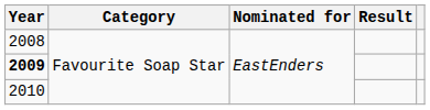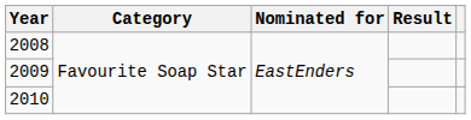 <table class="wikitable plainrowheaders">
 <tr>
 <th scope="col">Year</th>
 <th scope="col">Category</th>
 <th scope="col">Nominated for</th>
 <th scope="col">Result</th>
 <th scope="col"></th>
 </tr>
 <tr>
 <td align="center">2008</td>
 <td rowspan="3">Favourite Soap Star</td>
 <td rowspan="3"><em>EastEnders</em></td>
 <td></td>
 <td align="center"></td>
 </tr>
 <tr>
-<td align="center"><strong>2009</strong></td>
+<td align="center">2009</td>
 <td></td>
 <td align="center"></td>
 </tr>
 <tr>
 <td align="center">2010</td>
 <td></td>
 <td align="center"></td>
 </tr>
 </table>
